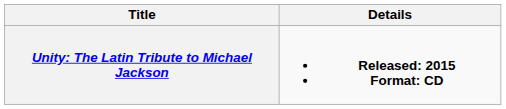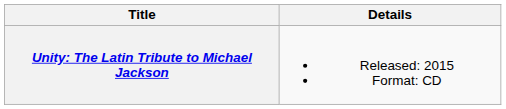 <table class="wikitable plainrowheaders" style="text-align:center;" border="1">
 <tr>
 <th scope="col" style="width:20em;">Title</th>
 <th scope="col" style="width:16em;">Details</th>
 </tr>
 <tr>
 <th scope="row"><em><a href='#'>Unity: The Latin Tribute to Michael Jackson</a></em></th>
-<td><strong><br><ul><li>Released: 2015</li><li>Format: CD</li></ul></strong></td>
+<td><br><ul><li>Released: 2015</li><li>Format: CD</li></ul></td>
 </tr>
 </table>
